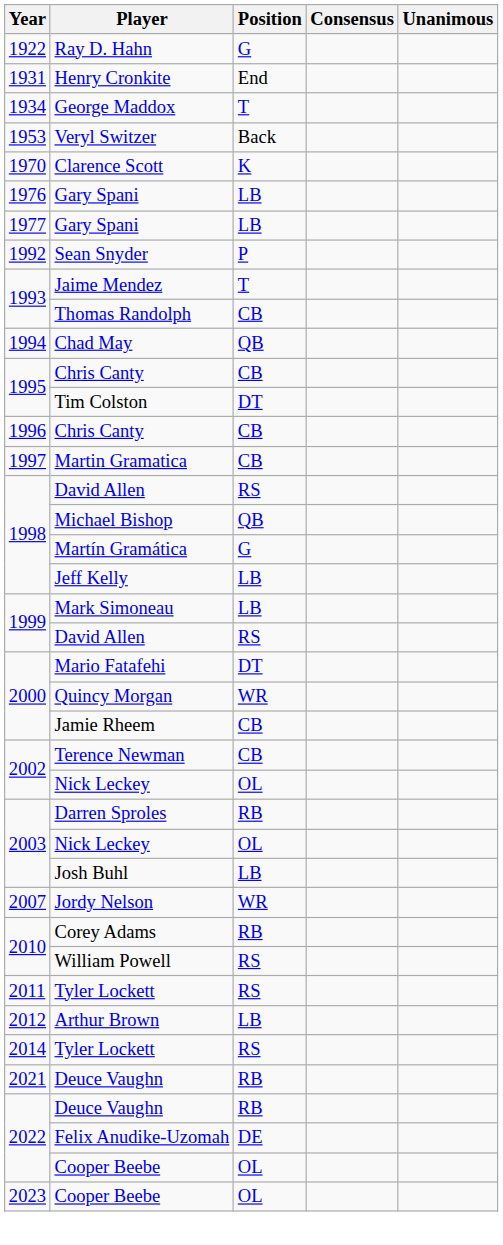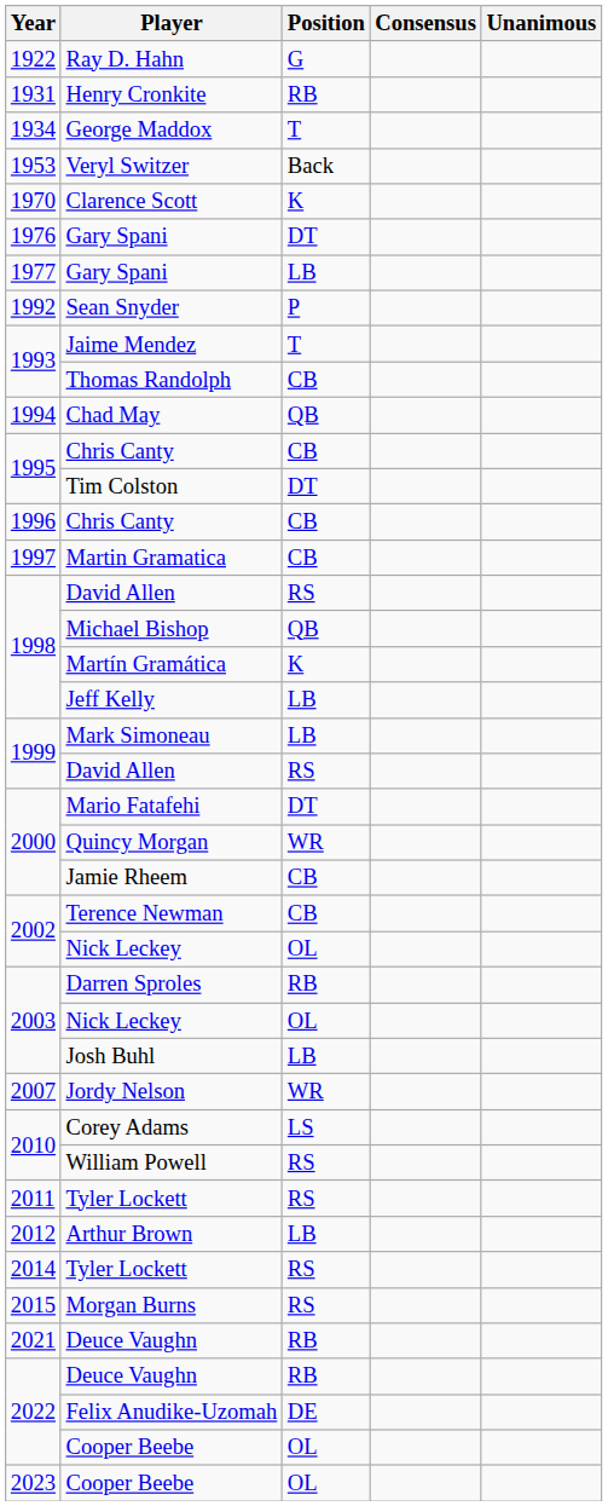 <table class="wikitable">
 <tr>
 <th>Year</th>
 <th>Player</th>
 <th>Position</th>
 <th>Consensus</th>
 <th>Unanimous</th>
 </tr>
 <tr>
 <td><a href='#'>1922</a></td>
 <td><a href='#'>Ray D. Hahn</a></td>
 <td><a href='#'>G</a></td>
 <td></td>
 <td></td>
 </tr>
 <tr>
 <td><a href='#'>1931</a></td>
 <td><a href='#'>Henry Cronkite</a></td>
-<td>End</td>
+<td><a href='#'>RB</a></td>
 <td></td>
 <td></td>
 </tr>
 <tr>
 <td><a href='#'>1934</a></td>
 <td><a href='#'>George Maddox</a></td>
 <td><a href='#'>T</a></td>
 <td></td>
 <td></td>
 </tr>
 <tr>
 <td><a href='#'>1953</a></td>
 <td><a href='#'>Veryl Switzer</a></td>
 <td>Back</td>
 <td></td>
 <td></td>
 </tr>
 <tr>
 <td><a href='#'>1970</a></td>
 <td><a href='#'>Clarence Scott</a></td>
 <td><a href='#'>K</a></td>
 <td></td>
 <td></td>
 </tr>
 <tr>
 <td><a href='#'>1976</a></td>
 <td><a href='#'>Gary Spani</a></td>
-<td><a href='#'>LB</a></td>
+<td><a href='#'>DT</a></td>
 <td></td>
 <td></td>
 </tr>
 <tr>
 <td><a href='#'>1977</a></td>
 <td><a href='#'>Gary Spani</a></td>
 <td><a href='#'>LB</a></td>
 <td></td>
 <td></td>
 </tr>
 <tr>
 <td><a href='#'>1992</a></td>
 <td><a href='#'>Sean Snyder</a></td>
 <td><a href='#'>P</a></td>
 <td></td>
 <td></td>
 </tr>
 <tr>
 <td rowspan="2"><a href='#'>1993</a></td>
 <td><a href='#'>Jaime Mendez</a></td>
 <td><a href='#'>T</a></td>
 <td></td>
 <td></td>
 </tr>
 <tr>
 <td><a href='#'>Thomas Randolph</a></td>
 <td><a href='#'>CB</a></td>
 <td></td>
 <td></td>
 </tr>
 <tr>
 <td><a href='#'>1994</a></td>
 <td><a href='#'>Chad May</a></td>
 <td><a href='#'>QB</a></td>
 <td></td>
 <td></td>
 </tr>
 <tr>
 <td rowspan="2"><a href='#'>1995</a></td>
 <td><a href='#'>Chris Canty</a></td>
 <td><a href='#'>CB</a></td>
 <td></td>
 <td></td>
 </tr>
 <tr>
 <td>Tim Colston</td>
 <td><a href='#'>DT</a></td>
 <td></td>
 <td></td>
 </tr>
 <tr>
 <td><a href='#'>1996</a></td>
 <td><a href='#'>Chris Canty</a></td>
 <td><a href='#'>CB</a></td>
 <td></td>
 <td></td>
 </tr>
 <tr>
 <td><a href='#'>1997</a></td>
 <td><a href='#'>Martin Gramatica</a></td>
 <td><a href='#'>CB</a></td>
 <td></td>
 <td></td>
 </tr>
 <tr>
 <td rowspan="4"><a href='#'>1998</a></td>
 <td><a href='#'>David Allen</a></td>
 <td><a href='#'>RS</a></td>
 <td></td>
 <td></td>
 </tr>
 <tr>
 <td><a href='#'>Michael Bishop</a></td>
 <td><a href='#'>QB</a></td>
 <td></td>
 <td></td>
 </tr>
 <tr>
 <td><a href='#'>Martín Gramática</a></td>
-<td><a href='#'>G</a></td>
+<td><a href='#'>K</a></td>
 <td></td>
 <td></td>
 </tr>
 <tr>
 <td><a href='#'>Jeff Kelly</a></td>
 <td><a href='#'>LB</a></td>
 <td></td>
 <td></td>
 </tr>
 <tr>
 <td rowspan="2"><a href='#'>1999</a></td>
 <td><a href='#'>Mark Simoneau</a></td>
 <td><a href='#'>LB</a></td>
 <td></td>
 <td></td>
 </tr>
 <tr>
 <td><a href='#'>David Allen</a></td>
 <td><a href='#'>RS</a></td>
 <td></td>
 <td></td>
 </tr>
 <tr>
 <td rowspan="3"><a href='#'>2000</a></td>
 <td><a href='#'>Mario Fatafehi</a></td>
 <td><a href='#'>DT</a></td>
 <td></td>
 <td></td>
 </tr>
 <tr>
 <td><a href='#'>Quincy Morgan</a></td>
 <td><a href='#'>WR</a></td>
 <td></td>
 <td></td>
 </tr>
 <tr>
 <td>Jamie Rheem</td>
 <td><a href='#'>CB</a></td>
 <td></td>
 <td></td>
 </tr>
 <tr>
 <td rowspan="2"><a href='#'>2002</a></td>
 <td><a href='#'>Terence Newman</a></td>
 <td><a href='#'>CB</a></td>
 <td></td>
 <td></td>
 </tr>
 <tr>
 <td><a href='#'>Nick Leckey</a></td>
 <td><a href='#'>OL</a></td>
 <td></td>
 <td></td>
 </tr>
 <tr>
 <td rowspan="3"><a href='#'>2003</a></td>
 <td><a href='#'>Darren Sproles</a></td>
 <td><a href='#'>RB</a></td>
 <td></td>
 <td></td>
 </tr>
 <tr>
 <td><a href='#'>Nick Leckey</a></td>
 <td><a href='#'>OL</a></td>
 <td></td>
 <td></td>
 </tr>
 <tr>
 <td>Josh Buhl</td>
 <td><a href='#'>LB</a></td>
 <td></td>
 <td></td>
 </tr>
 <tr>
 <td><a href='#'>2007</a></td>
 <td><a href='#'>Jordy Nelson</a></td>
 <td><a href='#'>WR</a></td>
 <td></td>
 <td></td>
 </tr>
 <tr>
 <td rowspan="2"><a href='#'>2010</a></td>
 <td>Corey Adams</td>
-<td><a href='#'>RB</a></td>
+<td><a href='#'>LS</a></td>
 <td></td>
 <td></td>
 </tr>
 <tr>
 <td>William Powell</td>
 <td><a href='#'>RS</a></td>
 <td></td>
 <td></td>
 </tr>
 <tr>
 <td><a href='#'>2011</a></td>
 <td><a href='#'>Tyler Lockett</a></td>
 <td><a href='#'>RS</a></td>
 <td></td>
 <td></td>
 </tr>
 <tr>
 <td><a href='#'>2012</a></td>
 <td><a href='#'>Arthur Brown</a></td>
 <td><a href='#'>LB</a></td>
 <td></td>
 <td></td>
 </tr>
 <tr>
 <td><a href='#'>2014</a></td>
 <td><a href='#'>Tyler Lockett</a></td>
+<td><a href='#'>RS</a></td>
+<td></td>
+<td></td>
+</tr>
+<tr>
+<td><a href='#'>2015</a></td>
+<td><a href='#'>Morgan Burns</a></td>
 <td><a href='#'>RS</a></td>
 <td></td>
 <td></td>
 </tr>
 <tr>
 <td><a href='#'>2021</a></td>
 <td><a href='#'>Deuce Vaughn</a></td>
 <td><a href='#'>RB</a></td>
 <td></td>
 <td></td>
 </tr>
 <tr>
 <td rowspan="3"><a href='#'>2022</a></td>
 <td><a href='#'>Deuce Vaughn</a></td>
 <td><a href='#'>RB</a></td>
 <td></td>
 <td></td>
 </tr>
 <tr>
 <td><a href='#'>Felix Anudike-Uzomah</a></td>
 <td><a href='#'>DE</a></td>
 <td></td>
 <td></td>
 </tr>
 <tr>
 <td><a href='#'>Cooper Beebe</a></td>
 <td><a href='#'>OL</a></td>
 <td></td>
 <td></td>
 </tr>
 <tr>
 <td rowspan="3"><a href='#'>2023</a></td>
 <td><a href='#'>Cooper Beebe</a></td>
 <td><a href='#'>OL</a></td>
 <td></td>
 <td></td>
 </tr>
 </table>
